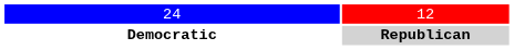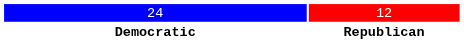 <table style="width:50%; text-align:center;">
 <tr style="color:white;">
 <td style="background:blue; width:66.67%;">24</td>
 <td style="background:red; width:33.33%;">12</td>
 </tr>
 <tr>
 <td><span><strong>Democratic</strong></span></td>
-<td style="background: lightgrey;"><span><strong>Republican</strong></span></td>
+<td><span><strong>Republican</strong></span></td>
 </tr>
 </table>
